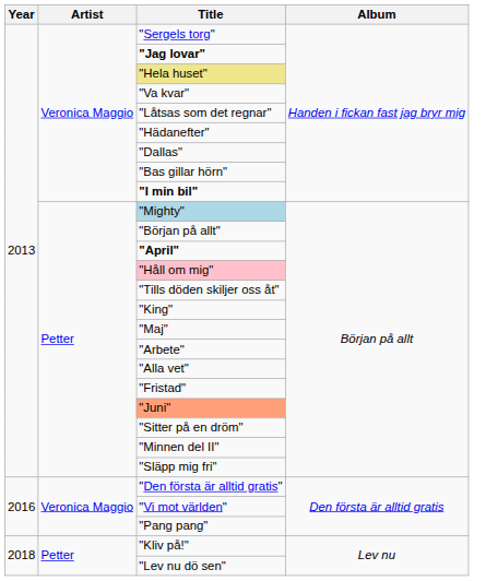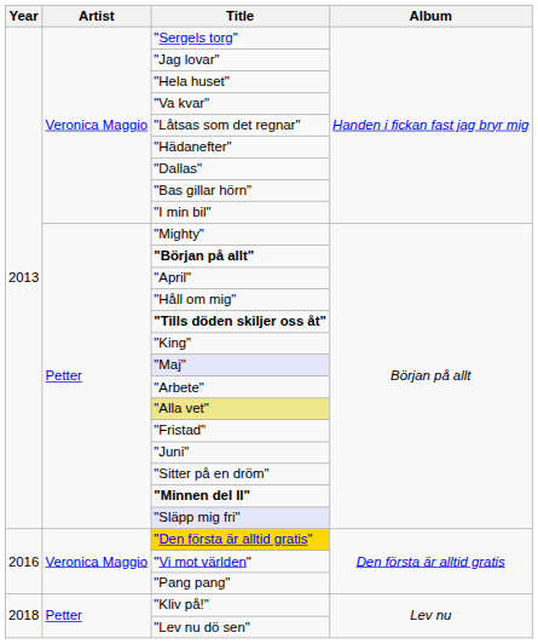 <table class="wikitable">
 <tr>
 <th>Year</th>
 <th>Artist</th>
 <th>Title</th>
 <th>Album</th>
 </tr>
 <tr>
 <td rowspan="23">2013</td>
 <td rowspan="9"><a href='#'>Veronica Maggio</a></td>
 <td>"<a href='#'>Sergels torg</a>"</td>
 <td rowspan="9" style="text-align:center;"><em><a href='#'>Handen i fickan fast jag bryr mig</a></em></td>
 </tr>
 <tr>
-<td><strong>"Jag lovar"</strong></td>
+<td>"Jag lovar"</td>
 </tr>
 <tr>
-<td style="background: khaki;">"Hela huset"<br></td>
+<td>"Hela huset"<br></td>
 </tr>
 <tr>
 <td>"Va kvar"</td>
 </tr>
 <tr>
 <td>"Låtsas som det regnar"</td>
 </tr>
 <tr>
 <td>"Hädanefter"</td>
 </tr>
 <tr>
 <td>"Dallas"</td>
 </tr>
 <tr>
 <td>"Bas gillar hörn"</td>
 </tr>
 <tr>
-<td><strong>"I min bil"</strong></td>
+<td>"I min bil"</td>
 </tr>
 <tr>
 <td rowspan="14"><a href='#'>Petter</a></td>
-<td style="background: lightblue;">"Mighty"<br></td>
+<td>"Mighty"<br></td>
 <td rowspan="14" style="text-align:center;"><em>Början på allt</em></td>
 </tr>
 <tr>
-<td>"Början på allt"<br></td>
+<td><strong>"Början på allt"<br></strong></td>
 </tr>
 <tr>
-<td><strong>"April"</strong></td>
+<td>"April"</td>
 </tr>
 <tr>
-<td style="background: pink;">"Håll om mig"<br></td>
+<td>"Håll om mig"<br></td>
 </tr>
 <tr>
-<td>"Tills döden skiljer oss åt"</td>
+<td><strong>"Tills döden skiljer oss åt"</strong></td>
 </tr>
 <tr>
 <td>"King"<br></td>
 </tr>
 <tr>
-<td>"Maj"</td>
+<td style="background: lavender;">"Maj"</td>
 </tr>
 <tr>
 <td>"Arbete"</td>
 </tr>
 <tr>
-<td>"Alla vet"<br></td>
+<td style="background: khaki;">"Alla vet"<br></td>
 </tr>
 <tr>
 <td>"Fristad"</td>
 </tr>
 <tr>
-<td style="background: lightsalmon;">"Juni"</td>
+<td>"Juni"</td>
 </tr>
 <tr>
 <td>"Sitter på en dröm"</td>
 </tr>
 <tr>
-<td>"Minnen del II"</td>
+<td><strong>"Minnen del II"</strong></td>
 </tr>
 <tr>
-<td>"Släpp mig fri"</td>
+<td style="background: lavender;">"Släpp mig fri"</td>
 </tr>
 <tr>
 <td rowspan="3">2016</td>
 <td rowspan="3"><a href='#'>Veronica Maggio</a></td>
-<td>"<a href='#'>Den första är alltid gratis</a>"</td>
+<td style="background: gold;">"<a href='#'>Den första är alltid gratis</a>"</td>
 <td rowspan="3" style="text-align:center;"><em><a href='#'>Den första är alltid gratis</a></em></td>
 </tr>
 <tr>
 <td>"<a href='#'>Vi mot världen</a>"</td>
 </tr>
 <tr>
 <td>"Pang pang"</td>
 </tr>
 <tr>
 <td rowspan="2">2018</td>
 <td rowspan="2"><a href='#'>Petter</a></td>
 <td>"Kliv på!"<br></td>
 <td rowspan="2" style="text-align:center;"><em>Lev nu</em></td>
 </tr>
 <tr>
 <td>"Lev nu dö sen"<br></td>
 </tr>
 </table>
